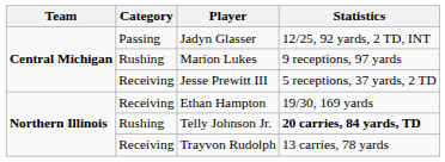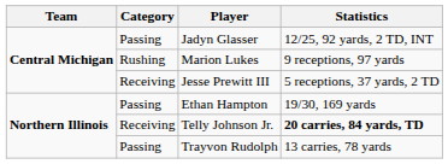 <table class="wikitable" style="float: right;">
 <tr>
 <th>Team</th>
 <th>Category</th>
 <th>Player</th>
 <th>Statistics</th>
 </tr>
 <tr>
 <td rowspan=3><strong>Central Michigan</strong></td>
 <td>Passing</td>
 <td>Jadyn Glasser</td>
 <td>12/25, 92 yards, 2 TD, INT</td>
 </tr>
 <tr>
 <td>Rushing</td>
 <td>Marion Lukes</td>
 <td>9 receptions, 97 yards</td>
 </tr>
 <tr>
 <td>Receiving</td>
 <td>Jesse Prewitt III</td>
 <td>5 receptions, 37 yards, 2 TD</td>
 </tr>
 <tr>
 <td rowspan=3><strong>Northern Illinois</strong></td>
-<td>Receiving</td>
+<td>Passing</td>
 <td>Ethan Hampton</td>
 <td>19/30, 169 yards</td>
 </tr>
 <tr>
-<td>Rushing</td>
+<td>Receiving</td>
 <td>Telly Johnson Jr.</td>
 <td><strong>20 carries, 84 yards, TD</strong></td>
 </tr>
 <tr>
-<td>Receiving</td>
+<td>Passing</td>
 <td>Trayvon Rudolph</td>
 <td>13 carries, 78 yards</td>
 </tr>
 </table>
